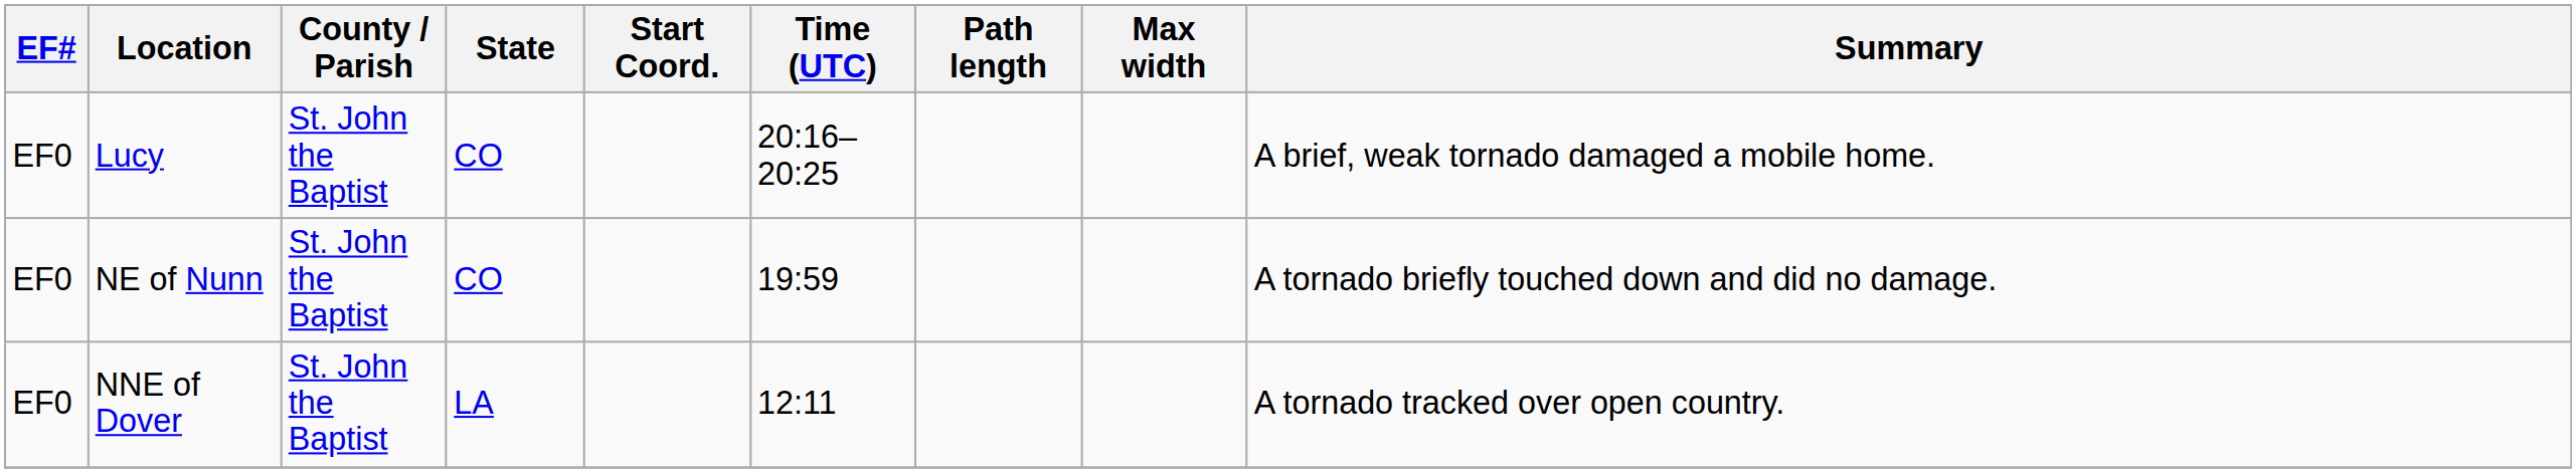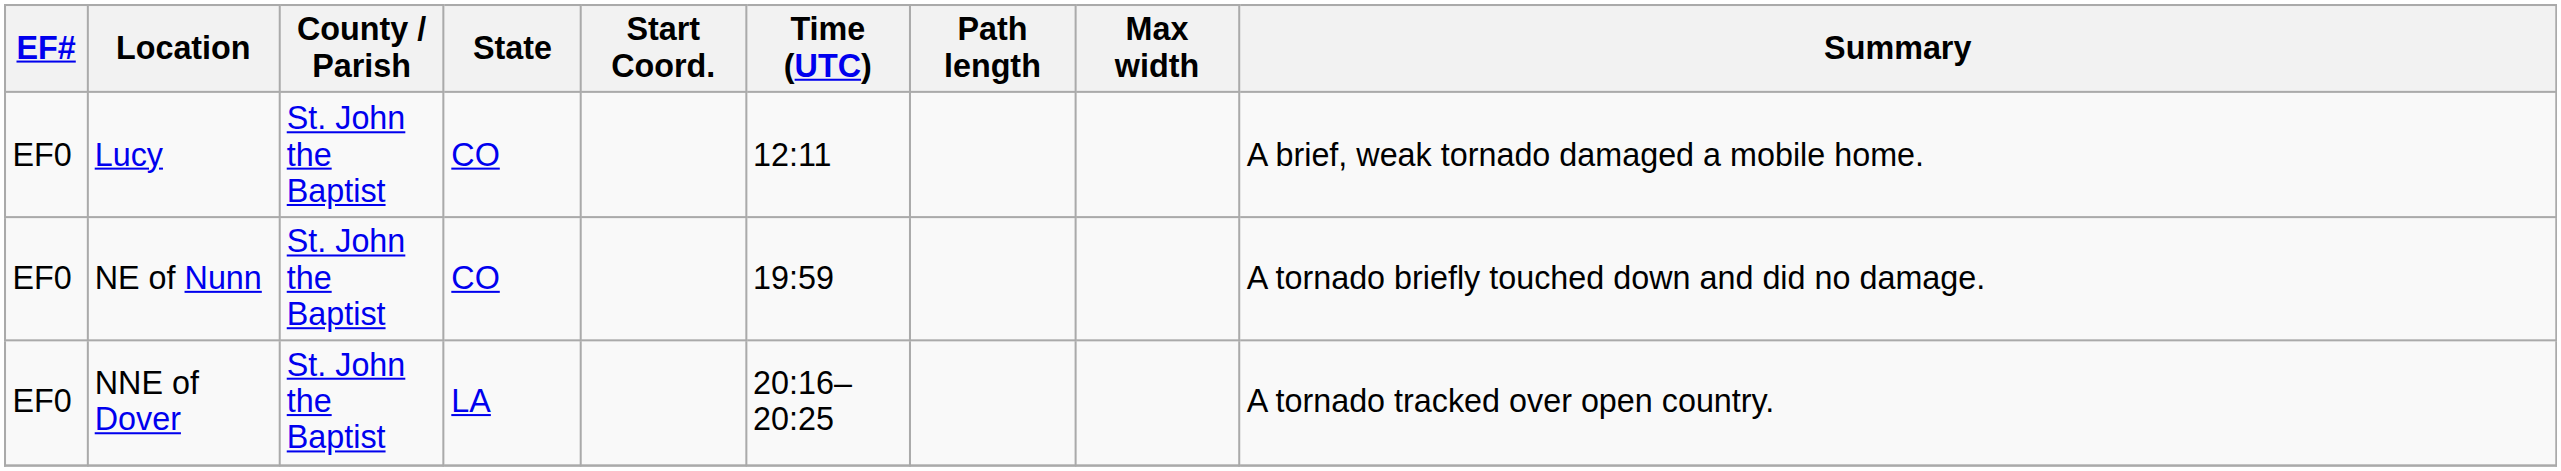 <table class="wikitable sortable" style="width:100%;">
 <tr>
 <th scope="col"  style="width:3%; text-align:center;"><a href='#'>EF#</a></th>
 <th scope="col"  style="width:7%; text-align:center;" class="unsortable">Location</th>
 <th scope="col"  style="width:6%; text-align:center;" class="unsortable">County / Parish</th>
 <th scope="col"  style="width:5%; text-align:center;">State</th>
 <th scope="col"  style="width:6%; text-align:center;">Start Coord.</th>
 <th scope="col"  style="width:6%; text-align:center;">Time (<a href='#'>UTC</a>)</th>
 <th scope="col"  style="width:6%; text-align:center;">Path length</th>
 <th scope="col"  style="width:6%; text-align:center;">Max width</th>
 <th scope="col" class="unsortable" style="width:48%; text-align:center;">Summary</th>
 </tr>
 <tr>
 <td>EF0</td>
 <td><a href='#'>Lucy</a></td>
 <td><a href='#'>St. John the Baptist</a></td>
 <td><a href='#'>CO</a></td>
 <td></td>
-<td>20:16–20:25</td>
+<td>12:11</td>
 <td></td>
 <td></td>
 <td>A brief, weak tornado damaged a mobile home.</td>
 </tr>
 <tr>
 <td>EF0</td>
 <td>NE of <a href='#'>Nunn</a></td>
 <td><a href='#'>St. John the Baptist</a></td>
 <td><a href='#'>CO</a></td>
 <td></td>
 <td>19:59</td>
 <td></td>
 <td></td>
 <td>A tornado briefly touched down and did no damage.</td>
 </tr>
 <tr>
 <td>EF0</td>
 <td>NNE of <a href='#'>Dover</a></td>
 <td><a href='#'>St. John the Baptist</a></td>
 <td><a href='#'>LA</a></td>
 <td></td>
-<td>12:11</td>
+<td>20:16–20:25</td>
 <td></td>
 <td></td>
 <td>A tornado tracked over open country.</td>
 </tr>
 <tr>
 </tr>
 </table>
